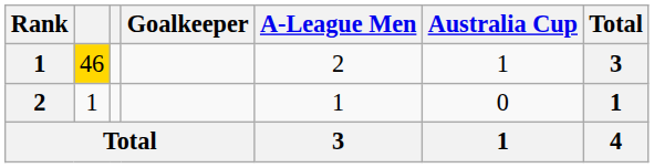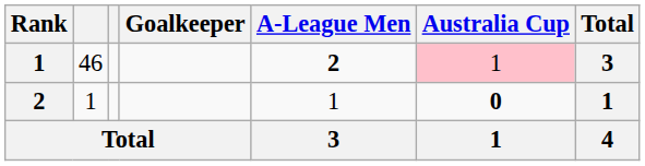 <table class="wikitable" style="text-align:center">
 <tr>
 <th>Rank</th>
 <th></th>
 <th></th>
 <th>Goalkeeper</th>
 <th><a href='#'>A-League Men</a></th>
 <th><a href='#'>Australia Cup</a></th>
 <th>Total</th>
 </tr>
 <tr>
 <th>1</th>
-<td style="background: gold;">46</td>
+<td>46</td>
 <td></td>
 <td align="left"></td>
-<td>2</td>
-<td>1</td>
+<td><strong>2</strong></td>
+<td style="background: pink;">1</td>
 <th>3</th>
 </tr>
 <tr>
 <th>2</th>
 <td>1</td>
 <td></td>
 <td align="left"></td>
 <td>1</td>
-<td>0</td>
+<td><strong>0</strong></td>
 <th>1</th>
 </tr>
 <tr>
 <th colspan="4">Total</th>
 <th>3</th>
 <th>1</th>
 <th>4</th>
 </tr>
 </table>
